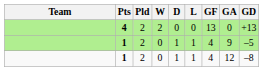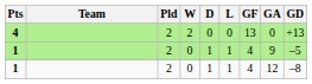 <table class="wikitable" style="text-align:center;">
 <tr>
+<th width=20  abbr="Points">Pts</th>
 <th width=175>Team</th>
-<th width=20  abbr="Points">Pts</th>
 <th width=20  abbr="Played">Pld</th>
 <th width=20  abbr="Won">W</th>
 <th width=20  abbr="Drawn">D</th>
 <th width=20  abbr="Lost">L</th>
 <th width=20  abbr="Goals for">GF</th>
 <th width=20  abbr="Goals against">GA</th>
 <th width=20  abbr="Goal difference">GD</th>
 </tr>
 <tr style="background: #B0EE90;">
+<td><strong>4</strong></td>
 <td align=left></td>
-<td><strong>4</strong></td>
 <td>2</td>
 <td>2</td>
 <td>0</td>
 <td>0</td>
 <td>13</td>
 <td>0</td>
 <td>+13</td>
 </tr>
 <tr style="background: #B0EE90;">
+<td><strong>1</strong></td>
 <td align=left></td>
-<td><strong>1</strong></td>
 <td>2</td>
 <td>0</td>
 <td>1</td>
 <td>1</td>
 <td>4</td>
 <td>9</td>
 <td>–5</td>
 </tr>
 <tr>
+<td><strong>1</strong></td>
 <td align=left></td>
-<td><strong>1</strong></td>
 <td>2</td>
 <td>0</td>
 <td>1</td>
 <td>1</td>
 <td>4</td>
 <td>12</td>
 <td>–8</td>
 </tr>
 </table>
